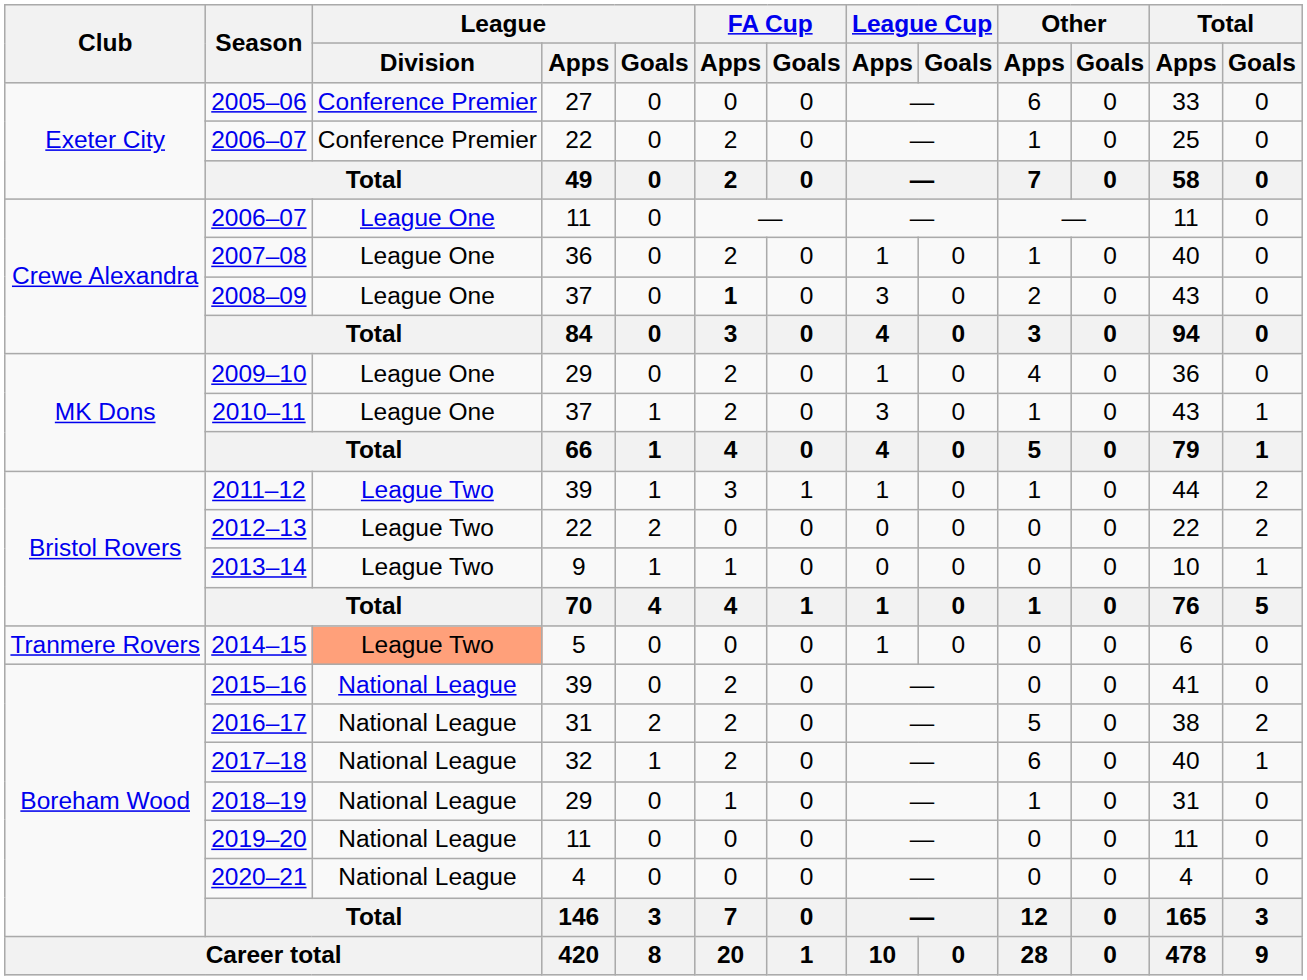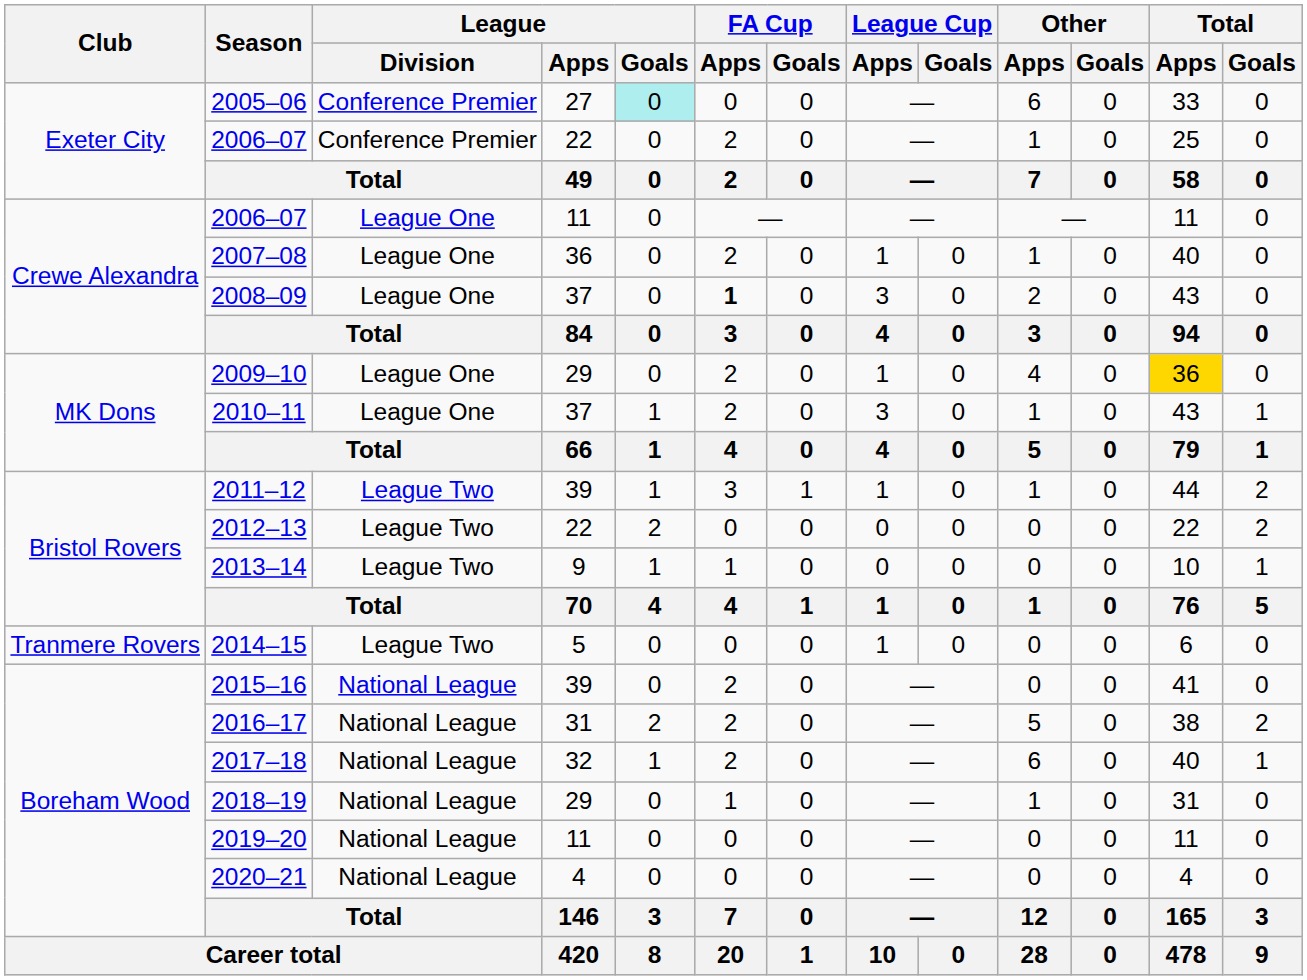 <table class="wikitable" style="text-align:center">
 <tr>
 <th rowspan="2">Club</th>
 <th rowspan="2">Season</th>
 <th colspan="3">League</th>
 <th colspan="2"><a href='#'>FA Cup</a></th>
 <th colspan="2"><a href='#'>League Cup</a></th>
 <th colspan="2">Other</th>
 <th colspan="2">Total</th>
 </tr>
 <tr>
 <th>Division</th>
 <th>Apps</th>
 <th>Goals</th>
 <th>Apps</th>
 <th>Goals</th>
 <th>Apps</th>
 <th>Goals</th>
 <th>Apps</th>
 <th>Goals</th>
 <th>Apps</th>
 <th>Goals</th>
 </tr>
 <tr>
 <td rowspan="3"><a href='#'>Exeter City</a></td>
 <td><a href='#'>2005–06</a></td>
 <td><a href='#'>Conference Premier</a></td>
 <td>27</td>
-<td>0</td>
+<td style="background: paleturquoise;">0</td>
 <td>0</td>
 <td>0</td>
 <td colspan="2">—</td>
 <td>6</td>
 <td>0</td>
 <td>33</td>
 <td>0</td>
 </tr>
 <tr>
 <td><a href='#'>2006–07</a></td>
 <td>Conference Premier</td>
 <td>22</td>
 <td>0</td>
 <td>2</td>
 <td>0</td>
 <td colspan="2">—</td>
 <td>1</td>
 <td>0</td>
 <td>25</td>
 <td>0</td>
 </tr>
 <tr>
 <th colspan="2">Total</th>
 <th>49</th>
 <th>0</th>
 <th>2</th>
 <th>0</th>
 <th colspan="2">—</th>
 <th>7</th>
 <th>0</th>
 <th>58</th>
 <th>0</th>
 </tr>
 <tr>
 <td rowspan="4"><a href='#'>Crewe Alexandra</a></td>
 <td><a href='#'>2006–07</a></td>
 <td><a href='#'>League One</a></td>
 <td>11</td>
 <td>0</td>
 <td colspan="2">—</td>
 <td colspan="2">—</td>
 <td colspan="2">—</td>
 <td>11</td>
 <td>0</td>
 </tr>
 <tr>
 <td><a href='#'>2007–08</a></td>
 <td>League One</td>
 <td>36</td>
 <td>0</td>
 <td>2</td>
 <td>0</td>
 <td>1</td>
 <td>0</td>
 <td>1</td>
 <td>0</td>
 <td>40</td>
 <td>0</td>
 </tr>
 <tr>
 <td><a href='#'>2008–09</a></td>
 <td>League One</td>
 <td>37</td>
 <td>0</td>
 <td><strong>1</strong></td>
 <td>0</td>
 <td>3</td>
 <td>0</td>
 <td>2</td>
 <td>0</td>
 <td>43</td>
 <td>0</td>
 </tr>
 <tr>
 <th colspan="2">Total</th>
 <th>84</th>
 <th>0</th>
 <th>3</th>
 <th>0</th>
 <th>4</th>
 <th>0</th>
 <th>3</th>
 <th>0</th>
 <th>94</th>
 <th>0</th>
 </tr>
 <tr>
 <td rowspan="3"><a href='#'>MK Dons</a></td>
 <td><a href='#'>2009–10</a></td>
 <td>League One</td>
 <td>29</td>
 <td>0</td>
 <td>2</td>
 <td>0</td>
 <td>1</td>
 <td>0</td>
 <td>4</td>
 <td>0</td>
-<td>36</td>
+<td style="background: gold;">36</td>
 <td>0</td>
 </tr>
 <tr>
 <td><a href='#'>2010–11</a></td>
 <td>League One</td>
 <td>37</td>
 <td>1</td>
 <td>2</td>
 <td>0</td>
 <td>3</td>
 <td>0</td>
 <td>1</td>
 <td>0</td>
 <td>43</td>
 <td>1</td>
 </tr>
 <tr>
 <th colspan="2">Total</th>
 <th>66</th>
 <th>1</th>
 <th>4</th>
 <th>0</th>
 <th>4</th>
 <th>0</th>
 <th>5</th>
 <th>0</th>
 <th>79</th>
 <th>1</th>
 </tr>
 <tr>
 <td rowspan="4"><a href='#'>Bristol Rovers</a></td>
 <td><a href='#'>2011–12</a></td>
 <td><a href='#'>League Two</a></td>
 <td>39</td>
 <td>1</td>
 <td>3</td>
 <td>1</td>
 <td>1</td>
 <td>0</td>
 <td>1</td>
 <td>0</td>
 <td>44</td>
 <td>2</td>
 </tr>
 <tr>
 <td><a href='#'>2012–13</a></td>
 <td>League Two</td>
 <td>22</td>
 <td>2</td>
 <td>0</td>
 <td>0</td>
 <td>0</td>
 <td>0</td>
 <td>0</td>
 <td>0</td>
 <td>22</td>
 <td>2</td>
 </tr>
 <tr>
 <td><a href='#'>2013–14</a></td>
 <td>League Two</td>
 <td>9</td>
 <td>1</td>
 <td>1</td>
 <td>0</td>
 <td>0</td>
 <td>0</td>
 <td>0</td>
 <td>0</td>
 <td>10</td>
 <td>1</td>
 </tr>
 <tr>
 <th colspan="2">Total</th>
 <th>70</th>
 <th>4</th>
 <th>4</th>
 <th>1</th>
 <th>1</th>
 <th>0</th>
 <th>1</th>
 <th>0</th>
 <th>76</th>
 <th>5</th>
 </tr>
 <tr>
 <td><a href='#'>Tranmere Rovers</a></td>
 <td><a href='#'>2014–15</a></td>
-<td style="background: lightsalmon;">League Two</td>
+<td>League Two</td>
 <td>5</td>
 <td>0</td>
 <td>0</td>
 <td>0</td>
 <td>1</td>
 <td>0</td>
 <td>0</td>
 <td>0</td>
 <td>6</td>
 <td>0</td>
 </tr>
 <tr>
 <td rowspan="7"><a href='#'>Boreham Wood</a></td>
 <td><a href='#'>2015–16</a></td>
 <td><a href='#'>National League</a></td>
 <td>39</td>
 <td>0</td>
 <td>2</td>
 <td>0</td>
 <td colspan="2">—</td>
 <td>0</td>
 <td>0</td>
 <td>41</td>
 <td>0</td>
 </tr>
 <tr>
 <td><a href='#'>2016–17</a></td>
 <td>National League</td>
 <td>31</td>
 <td>2</td>
 <td>2</td>
 <td>0</td>
 <td colspan="2">—</td>
 <td>5</td>
 <td>0</td>
 <td>38</td>
 <td>2</td>
 </tr>
 <tr>
 <td><a href='#'>2017–18</a></td>
 <td>National League</td>
 <td>32</td>
 <td>1</td>
 <td>2</td>
 <td>0</td>
 <td colspan="2">—</td>
 <td>6</td>
 <td>0</td>
 <td>40</td>
 <td>1</td>
 </tr>
 <tr>
 <td><a href='#'>2018–19</a></td>
 <td>National League</td>
 <td>29</td>
 <td>0</td>
 <td>1</td>
 <td>0</td>
 <td colspan="2">—</td>
 <td>1</td>
 <td>0</td>
 <td>31</td>
 <td>0</td>
 </tr>
 <tr>
 <td><a href='#'>2019–20</a></td>
 <td>National League</td>
 <td>11</td>
 <td>0</td>
 <td>0</td>
 <td>0</td>
 <td colspan="2">—</td>
 <td>0</td>
 <td>0</td>
 <td>11</td>
 <td>0</td>
 </tr>
 <tr>
 <td><a href='#'>2020–21</a></td>
 <td>National League</td>
 <td>4</td>
 <td>0</td>
 <td>0</td>
 <td>0</td>
 <td colspan="2">—</td>
 <td>0</td>
 <td>0</td>
 <td>4</td>
 <td>0</td>
 </tr>
 <tr>
 <th colspan="2">Total</th>
 <th>146</th>
 <th>3</th>
 <th>7</th>
 <th>0</th>
 <th colspan="2">—</th>
 <th>12</th>
 <th>0</th>
 <th>165</th>
 <th>3</th>
 </tr>
 <tr>
 <th colspan="3">Career total</th>
 <th>420</th>
 <th>8</th>
 <th>20</th>
 <th>1</th>
 <th>10</th>
 <th>0</th>
 <th>28</th>
 <th>0</th>
 <th>478</th>
 <th>9</th>
 </tr>
 </table>
